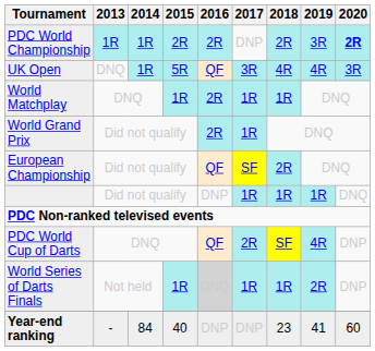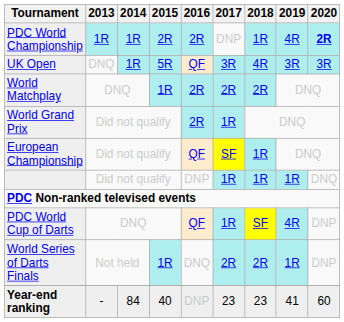 <table class="wikitable" style="width:20%; margin:0">
 <tr>
 <th>Tournament</th>
 <th>2013</th>
 <th>2014</th>
 <th>2015</th>
 <th>2016</th>
 <th>2017</th>
 <th>2018</th>
 <th>2019</th>
 <th>2020</th>
 </tr>
 <tr>
 <td style="background:#efefef;"><a href='#'>PDC World Championship</a></td>
 <td style="text-align:center; background:#afeeee;"><a href='#'>1R</a></td>
 <td style="text-align:center; background:#afeeee;"><a href='#'>1R</a></td>
 <td style="text-align:center; background:#afeeee;"><a href='#'>2R</a></td>
 <td style="text-align:center; background:#afeeee;"><a href='#'>2R</a></td>
 <td style="text-align:center; color:#ccc;">DNP</td>
-<td style="text-align:center; background:#afeeee;"><a href='#'>2R</a></td>
-<td style="text-align:center; background:#afeeee;"><a href='#'>3R</a></td>
+<td style="text-align:center; background:#afeeee;"><a href='#'>1R</a></td>
+<td style="text-align:center; background:#afeeee;"><a href='#'>4R</a></td>
 <td style="text-align:center; background:#afeeee;"><strong><a href='#'>2R</a></strong></td>
 </tr>
 <tr>
 <td style="background:#efefef;"><a href='#'>UK Open</a></td>
 <td style="text-align:center; color:#ccc;">DNQ</td>
 <td style="text-align:center; background:#afeeee;"><a href='#'>1R</a></td>
 <td style="text-align:center; background:#afeeee;"><a href='#'>5R</a></td>
 <td style="text-align:center; background:#ffebcd;"><a href='#'>QF</a></td>
 <td style="text-align:center; background:#afeeee;"><a href='#'>3R</a></td>
 <td style="text-align:center; background:#afeeee;"><a href='#'>4R</a></td>
-<td style="text-align:center; background:#afeeee;"><a href='#'>4R</a></td>
+<td style="text-align:center; background:#afeeee;"><a href='#'>3R</a></td>
 <td style="text-align:center; background:#afeeee;"><a href='#'>3R</a></td>
 </tr>
 <tr>
 <td style="background:#efefef;"><a href='#'>World Matchplay</a></td>
 <td colspan="2"  style="text-align:center; color:#ccc;">DNQ</td>
 <td style="text-align:center; background:#afeeee;"><a href='#'>1R</a></td>
 <td style="text-align:center; background:#afeeee;"><a href='#'>2R</a></td>
-<td style="text-align:center; background:#afeeee;"><a href='#'>1R</a></td>
-<td style="text-align:center; background:#afeeee;"><a href='#'>1R</a></td>
+<td style="text-align:center; background:#afeeee;"><a href='#'>2R</a></td>
+<td style="text-align:center; background:#afeeee;"><a href='#'>2R</a></td>
 <td colspan="2" style="text-align:center; color:#ccc;">DNQ</td>
 </tr>
 <tr>
 <td style="background:#efefef;"><a href='#'>World Grand Prix</a></td>
 <td colspan="3"  style="text-align:center; color:#ccc;">Did not qualify</td>
 <td style="text-align:center; background:#afeeee;"><a href='#'>2R</a></td>
 <td style="text-align:center; background:#afeeee;"><a href='#'>1R</a></td>
 <td colspan="3" style="text-align:center; color:#ccc;">DNQ</td>
 </tr>
 <tr>
 <td style="background:#efefef;"><a href='#'>European Championship</a></td>
 <td colspan="3"  style="text-align:center; color:#ccc;">Did not qualify</td>
 <td style="text-align:center; background:#ffebcd;"><a href='#'>QF</a></td>
 <td style="text-align:center; background:yellow;"><a href='#'>SF</a></td>
-<td style="text-align:center; background:#afeeee;"><a href='#'>2R</a></td>
+<td style="text-align:center; background:#afeeee;"><a href='#'>1R</a></td>
 <td colspan="2"   style="text-align:center; color:#ccc;">DNQ</td>
 </tr>
 <tr>
 <td style="background:#efefef;"></td>
 <td colspan="3" style="text-align:center; color:#ccc;">Did not qualify</td>
 <td style="text-align:center; color:#ccc;">DNP</td>
 <td style="text-align:center; background:#afeeee;"><a href='#'>1R</a></td>
 <td style="text-align:center; background:#afeeee;"><a href='#'>1R</a></td>
 <td style="text-align:center; background:#afeeee;"><a href='#'>1R</a></td>
 <td style="text-align:center; color:#ccc;">DNQ</td>
 </tr>
 <tr>
 <td colspan="33" align="left"><strong><a href='#'>PDC</a> Non-ranked televised events</strong></td>
 </tr>
 <tr>
 <td style="background:#efefef;"><a href='#'>PDC World Cup of Darts</a></td>
 <td colspan="3" style="text-align:center; color:#ccc;">DNQ</td>
 <td style="text-align:center; background:#ffebcd;"><a href='#'>QF</a></td>
-<td style="text-align:center; background:#afeeee;"><a href='#'>2R</a></td>
+<td style="text-align:center; background:#afeeee;"><a href='#'>1R</a></td>
 <td style="text-align:center; background:yellow;"><a href='#'>SF</a></td>
 <td style="text-align:center; background:#afeeee;"><a href='#'>4R</a></td>
 <td style="text-align:center; color:#ccc;">DNP</td>
 </tr>
 <tr>
 <td style="background:#efefef;"><a href='#'>World Series of Darts Finals</a></td>
 <td colspan="2" style="text-align:center; color:#ccc;">Not held</td>
 <td style="text-align:center; background:#afeeee;"><a href='#'>1R</a></td>
-<td style="background: lightgrey; text-align:center; color:#ccc;">DNQ</td>
+<td style="text-align:center; color:#ccc;">DNQ</td>
+<td style="text-align:center; background:#afeeee;"><a href='#'>2R</a></td>
+<td style="text-align:center; background:#afeeee;"><a href='#'>2R</a></td>
 <td style="text-align:center; background:#afeeee;"><a href='#'>1R</a></td>
-<td style="text-align:center; background:#afeeee;"><a href='#'>1R</a></td>
-<td style="text-align:center; background:#afeeee;"><a href='#'>2R</a></td>
 <td style="text-align:center; color:#ccc;">DNP</td>
 </tr>
 <tr>
 </tr>
 <tr bgcolor="efefef">
 <td align="left"><strong>Year-end ranking</strong></td>
 <td style="text-align:center;">-</td>
 <td style="text-align:center;">84</td>
 <td style="text-align:center;">40</td>
 <td style="text-align:center; color:#ccc;">DNP</td>
-<td style="text-align:center; color:#ccc;">DNP</td>
+<td style="text-align:center;">23</td>
 <td style="text-align:center;">23</td>
 <td style="text-align:center;">41</td>
 <td style="text-align:center;">60</td>
 </tr>
 </table>
